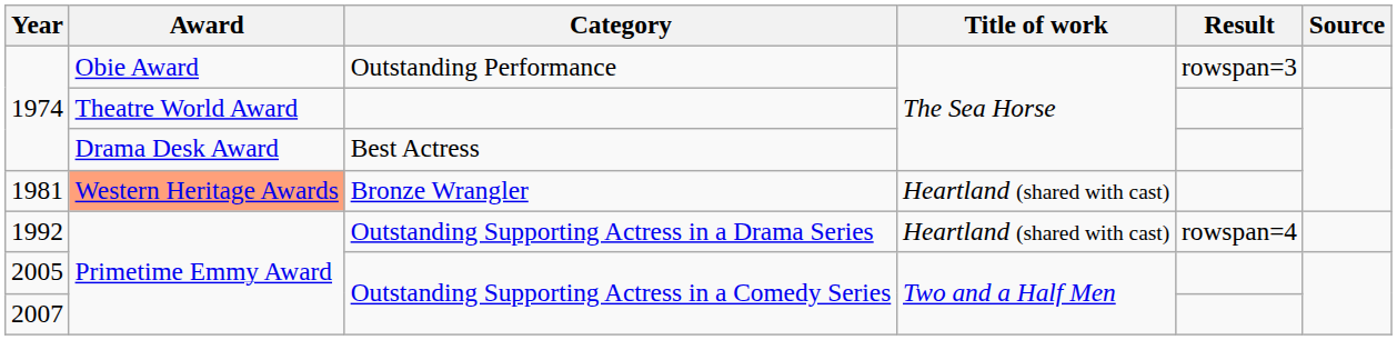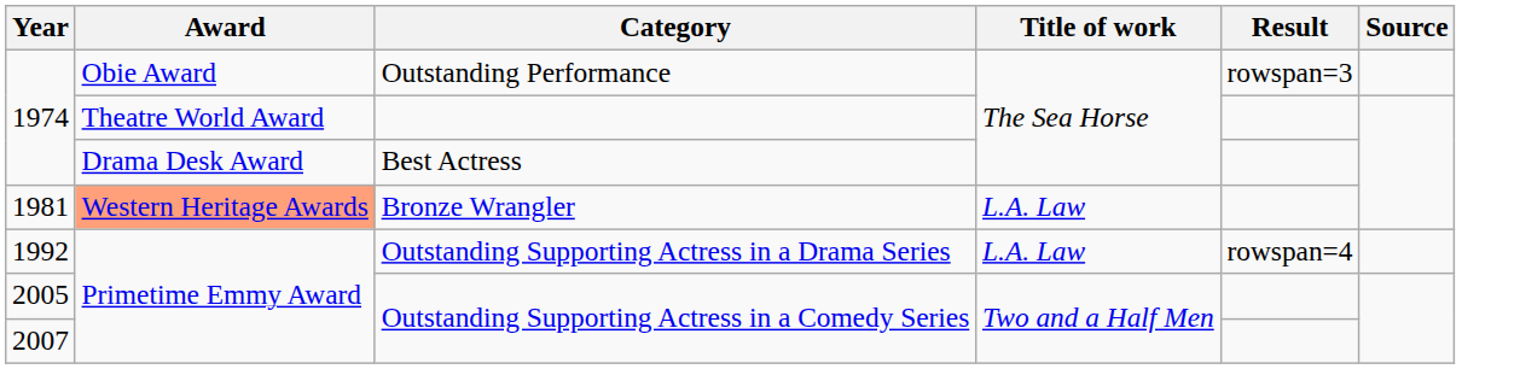 <table class="wikitable sortable">
 <tr>
 <th>Year</th>
 <th>Award</th>
 <th>Category</th>
 <th>Title of work</th>
 <th>Result</th>
 <th>Source</th>
 </tr>
 <tr>
 <td rowspan=3>1974</td>
 <td><a href='#'>Obie Award</a></td>
 <td>Outstanding Performance</td>
 <td rowspan=3><em>The Sea Horse</em></td>
 <td>rowspan=3 </td>
 <td></td>
 </tr>
 <tr>
 <td><a href='#'>Theatre World Award</a></td>
 <td></td>
 <td></td>
 </tr>
 <tr>
 <td><a href='#'>Drama Desk Award</a></td>
 <td>Best Actress</td>
 <td></td>
 </tr>
 <tr>
 <td>1981</td>
 <td style="background: lightsalmon;"><a href='#'>Western Heritage Awards</a></td>
 <td><a href='#'>Bronze Wrangler</a></td>
-<td><em>Heartland</em> <small>(shared with cast)</small></td>
+<td><em><a href='#'>L.A. Law</a></em></td>
 <td></td>
 </tr>
 <tr>
 <td>1992</td>
 <td rowspan=3><a href='#'>Primetime Emmy Award</a></td>
 <td><a href='#'>Outstanding Supporting Actress in a Drama Series</a></td>
-<td><em>Heartland</em> <small>(shared with cast)</small></td>
+<td><em><a href='#'>L.A. Law</a></em></td>
 <td>rowspan=4 </td>
 <td></td>
 </tr>
 <tr>
 <td>2005</td>
 <td rowspan=2><a href='#'>Outstanding Supporting Actress in a Comedy Series</a></td>
 <td rowspan=2><em><a href='#'>Two and a Half Men</a></em></td>
 <td></td>
 </tr>
 <tr>
 <td>2007</td>
 <td></td>
 </tr>
 </table>
